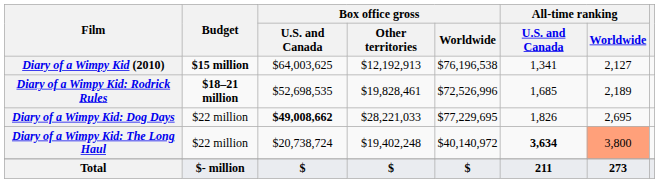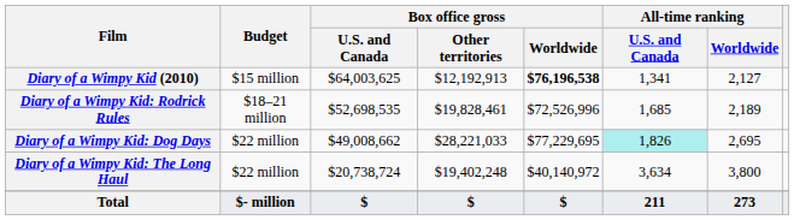 <table class="wikitable plainrowheaders sortable" style="text-align: center;">
 <tr>
 <th scope="col" rowspan="2" class="unsortable">Film</th>
 <th scope="col" rowspan="2">Budget</th>
 <th scope="col" colspan="3">Box office gross</th>
 <th scope="col" colspan="2">All-time ranking</th>
 <th scope="col" rowspan="2" class="unsortable"></th>
 </tr>
 <tr>
 <th scope="col">U.S. and Canada</th>
 <th scope="col">Other territories</th>
 <th scope="col">Worldwide</th>
 <th scope="col"><a href='#'>U.S. and Canada</a></th>
 <th scope="col"><a href='#'>Worldwide</a></th>
 </tr>
 <tr>
 <th scope="row"><em><a href='#'>Diary of a Wimpy Kid</a></em> (2010)</th>
-<td><strong>$15 million</strong></td>
+<td>$15 million</td>
 <td>$64,003,625</td>
 <td>$12,192,913</td>
-<td>$76,196,538</td>
+<td><strong>$76,196,538</strong></td>
 <td>1,341</td>
 <td>2,127</td>
 <td></td>
 </tr>
 <tr>
 <th scope="row"><em><a href='#'>Diary of a Wimpy Kid: Rodrick Rules</a></em></th>
-<td><strong>$18–21 million</strong></td>
+<td>$18–21 million</td>
 <td>$52,698,535</td>
 <td>$19,828,461</td>
 <td>$72,526,996</td>
 <td>1,685</td>
 <td>2,189</td>
 <td></td>
 </tr>
 <tr>
 <th scope="row"><em><a href='#'>Diary of a Wimpy Kid: Dog Days</a></em></th>
 <td>$22 million</td>
-<td><strong>$49,008,662</strong></td>
+<td>$49,008,662</td>
 <td>$28,221,033</td>
 <td>$77,229,695</td>
-<td>1,826</td>
+<td style="background: paleturquoise;">1,826</td>
 <td>2,695</td>
 <td></td>
 </tr>
 <tr>
 <th scope="row"><em><a href='#'>Diary of a Wimpy Kid: The Long Haul</a></em></th>
 <td>$22 million</td>
 <td>$20,738,724</td>
 <td>$19,402,248</td>
 <td>$40,140,972</td>
-<td><strong>3,634</strong></td>
-<td style="background: lightsalmon;">3,800</td>
+<td>3,634</td>
+<td>3,800</td>
 <td></td>
 </tr>
 <tr>
 </tr>
 <tr style="font-weight: bold; background-color: #EAECF0;">
 <th scope="row"><strong>Total</strong></th>
 <td>$- million</td>
 <td>$</td>
 <td>$</td>
 <td>$</td>
 <td>211</td>
 <td>273</td>
 <td></td>
 </tr>
 </table>
